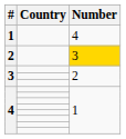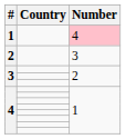 <table class="wikitable sortable ;">
 <tr>
 <th>#</th>
 <th>Country</th>
 <th>Number</th>
 </tr>
 <tr>
 <th>1</th>
 <td></td>
-<td>4</td>
+<td style="background: pink;">4</td>
 </tr>
 <tr>
 <th>2</th>
 <td></td>
-<td style="background: gold;">3</td>
+<td>3</td>
 </tr>
 <tr>
 <th rowspan=3>3</th>
 <td></td>
 <td rowspan=3>2</td>
 </tr>
 <tr>
 <td></td>
 </tr>
 <tr>
 <td></td>
 </tr>
 <tr>
 <th rowspan=8>4</th>
 <td></td>
 <td rowspan=8>1</td>
 </tr>
 <tr>
 <td></td>
 </tr>
 <tr>
 <td></td>
 </tr>
 <tr>
 <td></td>
 </tr>
 <tr>
 <td></td>
 </tr>
 <tr>
 <td></td>
 </tr>
 <tr>
 <td></td>
 </tr>
 <tr>
 <td></td>
 </tr>
 </table>
